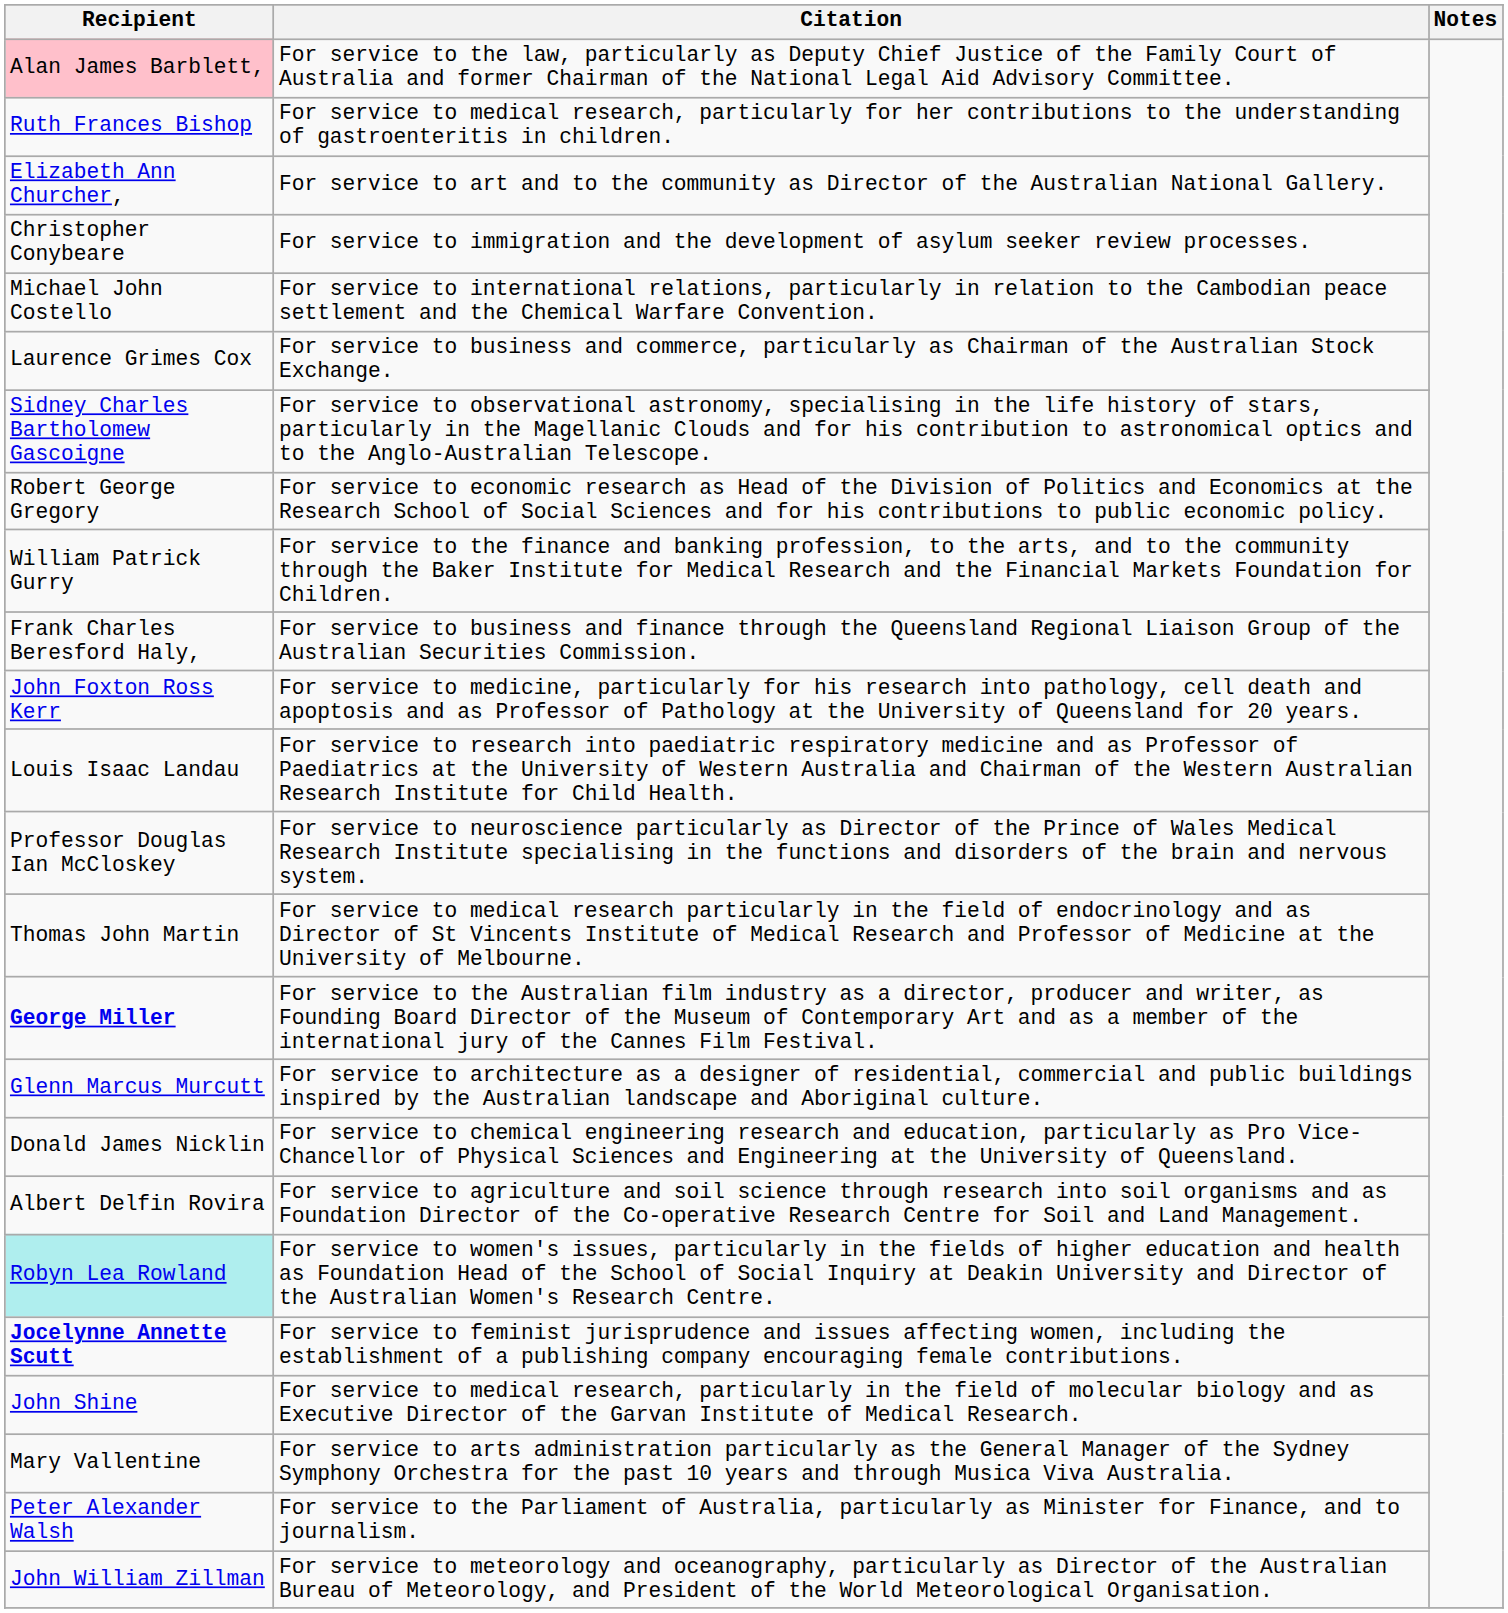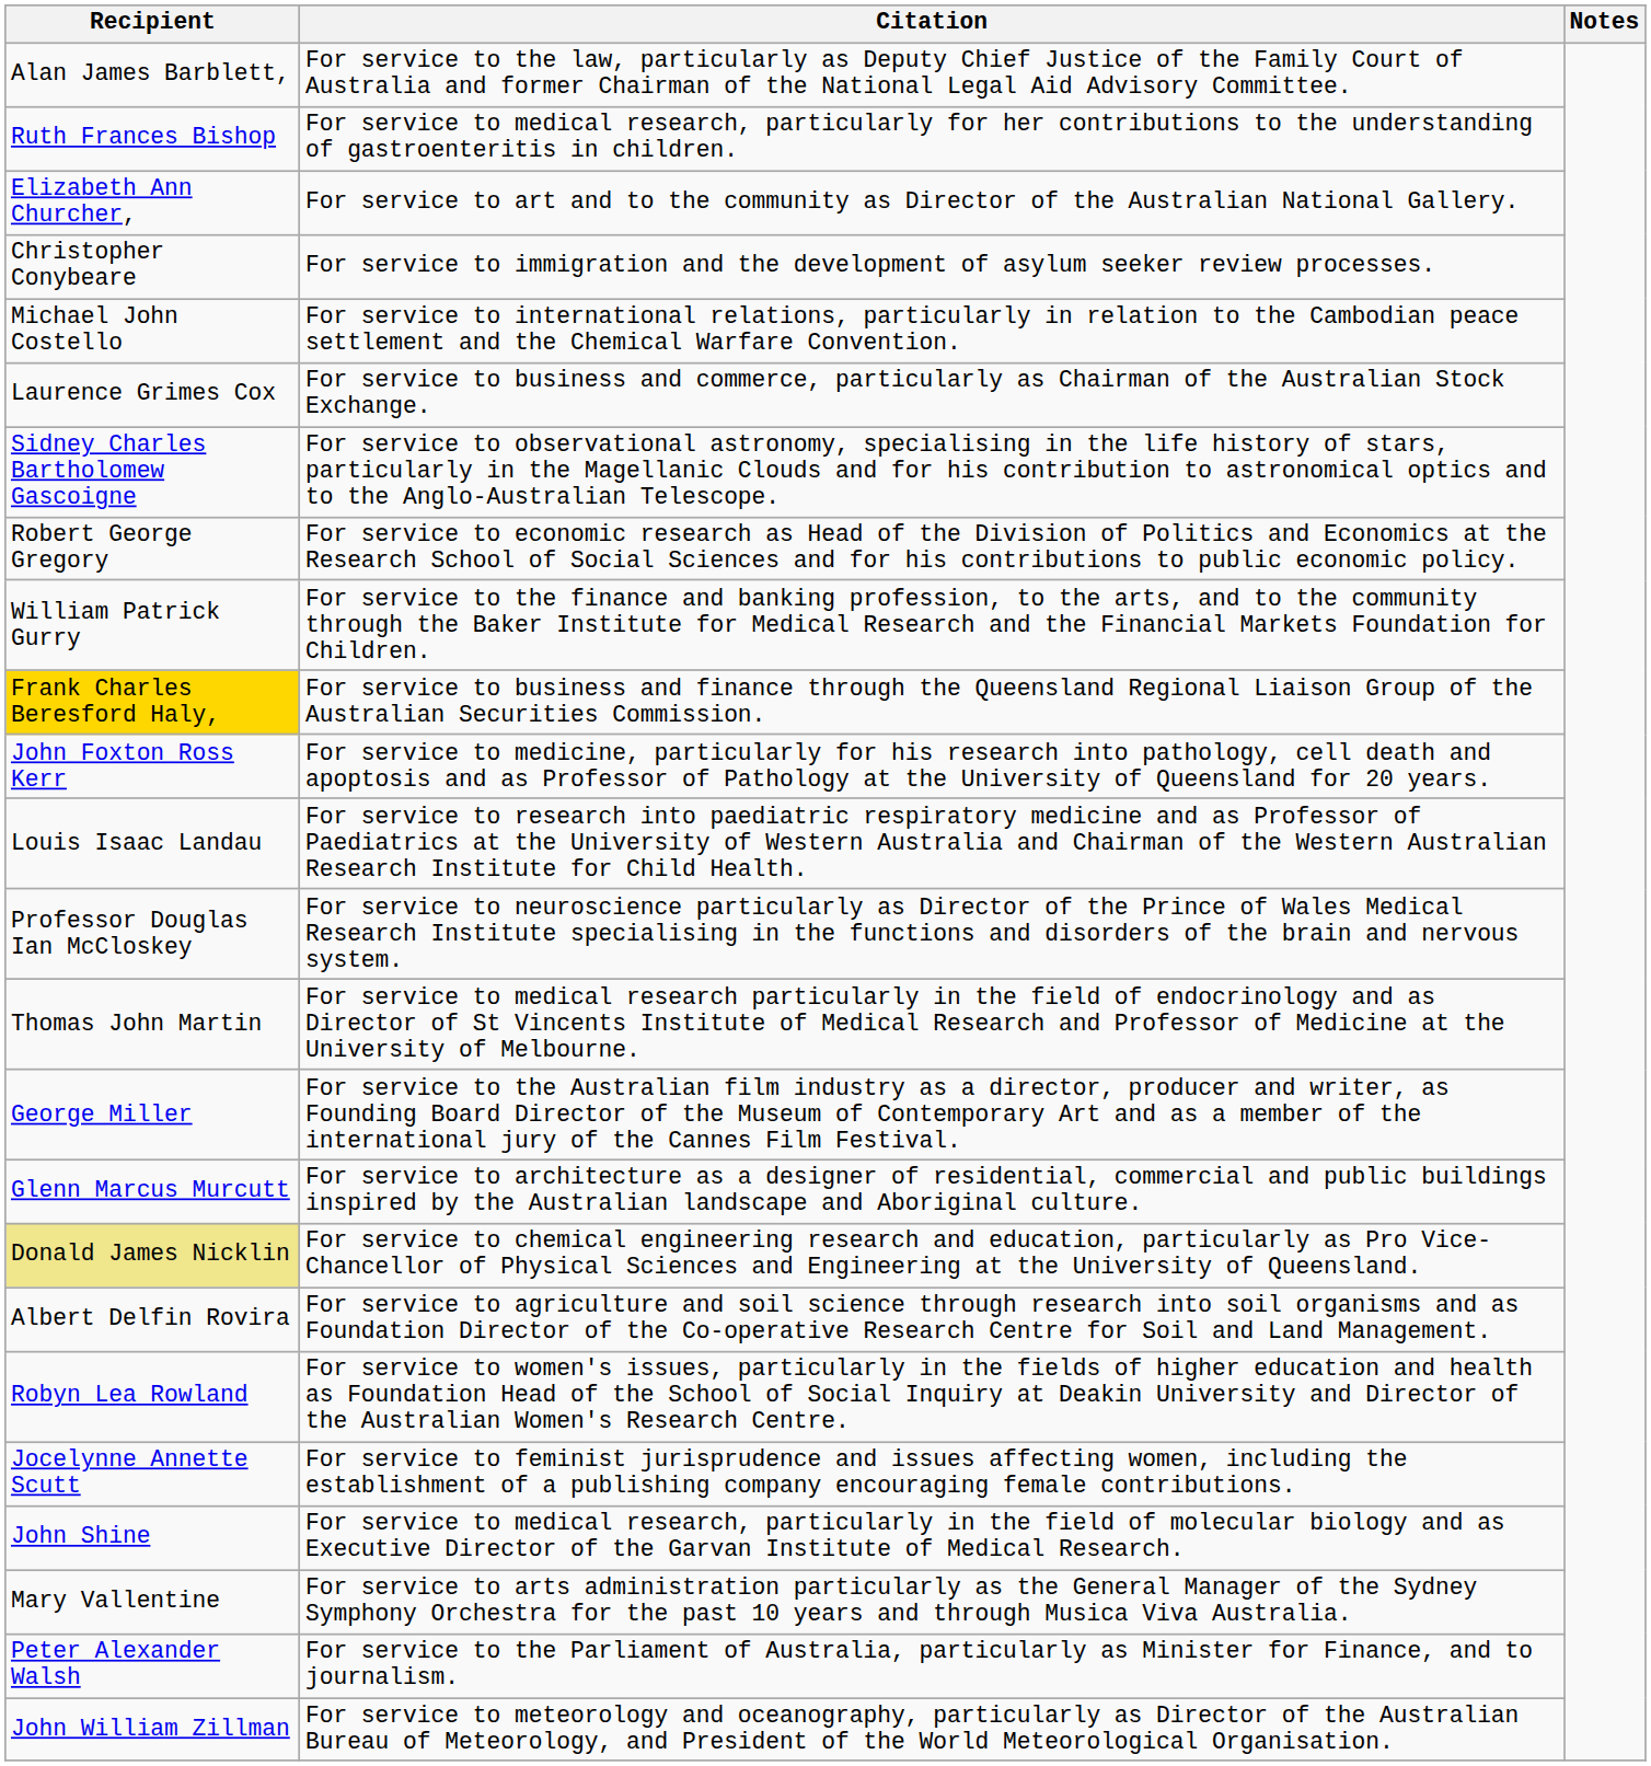 <table class="wikitable" style="font-size:95%;">
 <tr>
 <th>Recipient</th>
 <th>Citation</th>
 <th>Notes</th>
 </tr>
 <tr>
-<td style="background: pink;"> Alan James Barblett, </td>
+<td> Alan James Barblett, </td>
 <td>For service to the law, particularly as Deputy Chief Justice of the Family Court of Australia and former Chairman of the National Legal Aid Advisory Committee.</td>
 <td rowspan=24></td>
 </tr>
 <tr>
 <td> <a href='#'>Ruth Frances Bishop</a></td>
 <td>For service to medical research, particularly for her contributions to the understanding of gastroenteritis in children.</td>
 </tr>
 <tr>
 <td><a href='#'>Elizabeth Ann Churcher</a>, </td>
 <td>For service to art and to the community as Director of the Australian National Gallery.</td>
 </tr>
 <tr>
 <td>Christopher Conybeare</td>
 <td>For service to immigration and the development of asylum seeker review processes.</td>
 </tr>
 <tr>
 <td>Michael John Costello</td>
 <td>For service to international relations, particularly in relation to the Cambodian peace settlement and the Chemical Warfare Convention.</td>
 </tr>
 <tr>
 <td>Laurence Grimes Cox</td>
 <td>For service to business and commerce, particularly as Chairman of the Australian Stock Exchange.</td>
 </tr>
 <tr>
 <td> <a href='#'>Sidney Charles Bartholomew Gascoigne</a></td>
 <td>For service to observational astronomy, specialising in the life history of stars, particularly in the Magellanic Clouds and for his contribution to astronomical optics and to the Anglo-Australian Telescope.</td>
 </tr>
 <tr>
 <td> Robert George Gregory</td>
 <td>For service to economic research as Head of the Division of Politics and Economics at the Research School of Social Sciences and for his contributions to public economic policy.</td>
 </tr>
 <tr>
 <td>William Patrick Gurry</td>
 <td>For service to the finance and banking profession, to the arts, and to the community through the Baker Institute for Medical Research and the Financial Markets Foundation for Children.</td>
 </tr>
 <tr>
-<td>Frank Charles Beresford Haly, </td>
+<td style="background: gold;">Frank Charles Beresford Haly, </td>
 <td>For service to business and finance through the Queensland Regional Liaison Group of the Australian Securities Commission.</td>
 </tr>
 <tr>
 <td> <a href='#'>John Foxton Ross Kerr</a></td>
 <td>For service to medicine, particularly for his research into pathology, cell death and apoptosis and as Professor of Pathology at the University of Queensland for 20 years.</td>
 </tr>
 <tr>
 <td> Louis Isaac Landau</td>
 <td>For service to research into paediatric respiratory medicine and as Professor of Paediatrics at the University of Western Australia and Chairman of the Western Australian Research Institute for Child Health.</td>
 </tr>
 <tr>
 <td>Professor Douglas Ian McCloskey</td>
 <td>For service to neuroscience particularly as Director of the Prince of Wales Medical Research Institute specialising in the functions and disorders of the brain and nervous system.</td>
 </tr>
 <tr>
 <td> Thomas John Martin</td>
 <td>For service to medical research particularly in the field of endocrinology and as Director of St Vincents Institute of Medical Research and Professor of Medicine at the University of Melbourne.</td>
 </tr>
 <tr>
-<td><strong> <a href='#'>George Miller</a></strong></td>
+<td> <a href='#'>George Miller</a></td>
 <td>For service to the Australian film industry as a director, producer and writer, as Founding Board Director of the Museum of Contemporary Art and as a member of the international jury of the Cannes Film Festival.</td>
 </tr>
 <tr>
 <td><a href='#'>Glenn Marcus Murcutt</a></td>
 <td>For service to architecture as a designer of residential, commercial and public buildings inspired by the Australian landscape and Aboriginal culture.</td>
 </tr>
 <tr>
-<td> Donald James Nicklin</td>
+<td style="background: khaki;"> Donald James Nicklin</td>
 <td>For service to chemical engineering research and education, particularly as Pro Vice-Chancellor of Physical Sciences and Engineering at the University of Queensland.</td>
 </tr>
 <tr>
 <td> Albert Delfin Rovira</td>
 <td>For service to agriculture and soil science through research into soil organisms and as Foundation Director of the Co-operative Research Centre for Soil and Land Management.</td>
 </tr>
 <tr>
-<td style="background: paleturquoise;"> <a href='#'>Robyn Lea Rowland</a></td>
+<td> <a href='#'>Robyn Lea Rowland</a></td>
 <td>For service to women's issues, particularly in the fields of higher education and health as Foundation Head of the School of Social Inquiry at Deakin University and Director of the Australian Women's Research Centre.</td>
 </tr>
 <tr>
-<td><strong><a href='#'>Jocelynne Annette Scutt</a></strong></td>
+<td><a href='#'>Jocelynne Annette Scutt</a></td>
 <td>For service to feminist jurisprudence and issues affecting women, including the establishment of a publishing company encouraging female contributions.</td>
 </tr>
 <tr>
 <td> <a href='#'>John Shine</a></td>
 <td>For service to medical research, particularly in the field of molecular biology and as Executive Director of the Garvan Institute of Medical Research.</td>
 </tr>
 <tr>
 <td>Mary Vallentine</td>
 <td>For service to arts administration particularly as the General Manager of the Sydney Symphony Orchestra for the past 10 years and through Musica Viva Australia.</td>
 </tr>
 <tr>
 <td> <a href='#'>Peter Alexander Walsh</a></td>
 <td>For service to the Parliament of Australia, particularly as Minister for Finance, and to journalism.</td>
 </tr>
 <tr>
 <td> <a href='#'>John William Zillman</a></td>
 <td>For service to meteorology and oceanography, particularly as Director of the Australian Bureau of Meteorology, and President of the World Meteorological Organisation.</td>
 </tr>
 </table>
